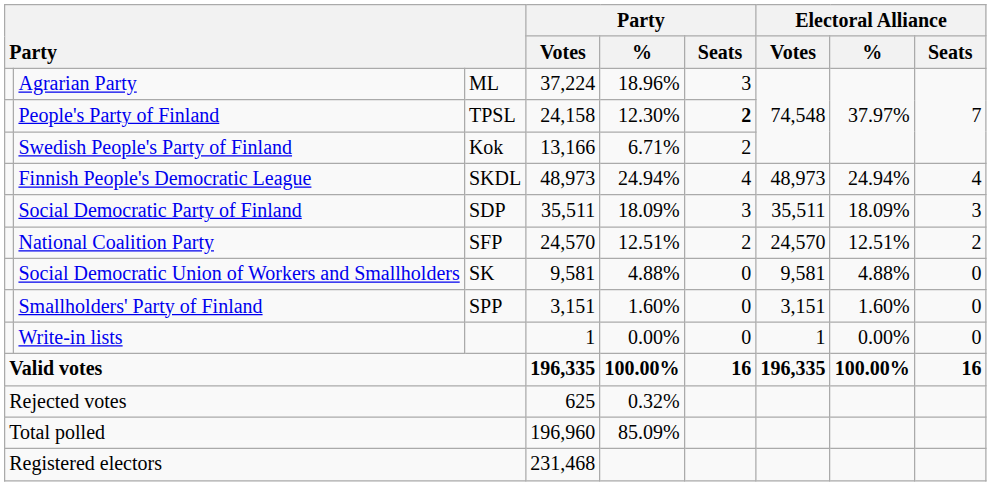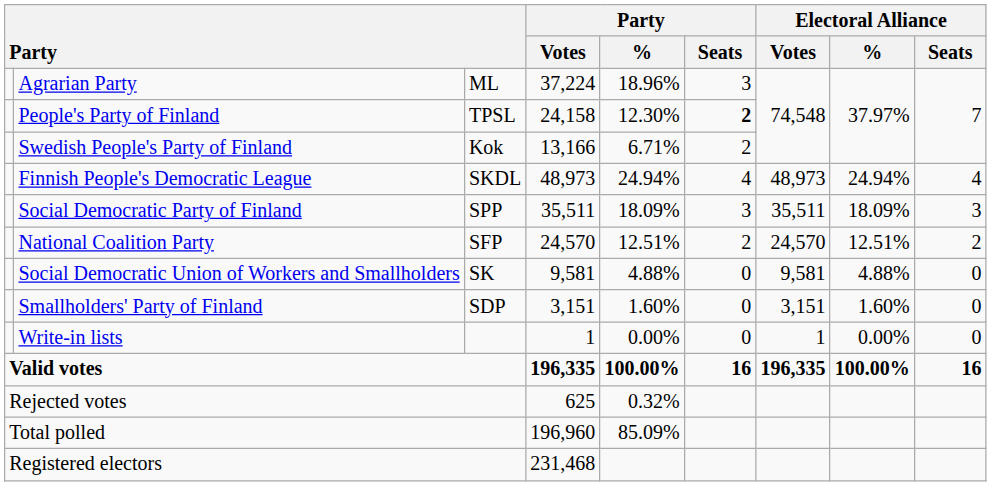 <table class="wikitable" border="1" style="text-align:right;">
 <tr>
 <th style="text-align:left;" valign=bottom rowspan=2 colspan=3>Party</th>
 <th colspan=3>Party</th>
 <th colspan=3>Electoral Alliance</th>
 </tr>
 <tr>
 <th align=center valign=bottom width="50">Votes</th>
 <th align=center valign=bottom width="50">%</th>
 <th align=center valign=bottom width="50">Seats</th>
 <th align=center valign=bottom width="50">Votes</th>
 <th align=center valign=bottom width="50">%</th>
 <th align=center valign=bottom width="50">Seats</th>
 </tr>
 <tr>
 <td></td>
 <td align=left><a href='#'>Agrarian Party</a></td>
 <td align=left>ML</td>
 <td>37,224</td>
 <td>18.96%</td>
 <td>3</td>
 <td rowspan=3>74,548</td>
 <td rowspan=3>37.97%</td>
 <td rowspan=3>7</td>
 </tr>
 <tr>
 <td></td>
 <td align=left><a href='#'>People's Party of Finland</a></td>
 <td align=left>TPSL</td>
 <td>24,158</td>
 <td>12.30%</td>
 <td><strong>2</strong></td>
 </tr>
 <tr>
 <td></td>
 <td align=left><a href='#'>Swedish People's Party of Finland</a></td>
 <td align=left>Kok</td>
 <td>13,166</td>
 <td>6.71%</td>
 <td>2</td>
 </tr>
 <tr>
 <td></td>
 <td align=left><a href='#'>Finnish People's Democratic League</a></td>
 <td align=left>SKDL</td>
 <td>48,973</td>
 <td>24.94%</td>
 <td>4</td>
 <td>48,973</td>
 <td>24.94%</td>
 <td>4</td>
 </tr>
 <tr>
 <td></td>
 <td align=left style="white-space: nowrap;"><a href='#'>Social Democratic Party of Finland</a></td>
-<td align=left>SDP</td>
+<td align=left>SPP</td>
 <td>35,511</td>
 <td>18.09%</td>
 <td>3</td>
 <td>35,511</td>
 <td>18.09%</td>
 <td>3</td>
 </tr>
 <tr>
 <td></td>
 <td align=left><a href='#'>National Coalition Party</a></td>
 <td align=left>SFP</td>
 <td>24,570</td>
 <td>12.51%</td>
 <td>2</td>
 <td>24,570</td>
 <td>12.51%</td>
 <td>2</td>
 </tr>
 <tr>
 <td></td>
 <td align=left><a href='#'>Social Democratic Union of Workers and Smallholders</a></td>
 <td align=left>SK</td>
 <td>9,581</td>
 <td>4.88%</td>
 <td>0</td>
 <td>9,581</td>
 <td>4.88%</td>
 <td>0</td>
 </tr>
 <tr>
 <td></td>
 <td align=left><a href='#'>Smallholders' Party of Finland</a></td>
-<td align=left>SPP</td>
+<td align=left>SDP</td>
 <td>3,151</td>
 <td>1.60%</td>
 <td>0</td>
 <td>3,151</td>
 <td>1.60%</td>
 <td>0</td>
 </tr>
 <tr>
 <td></td>
 <td align=left><a href='#'>Write-in lists</a></td>
 <td align=left></td>
 <td>1</td>
 <td>0.00%</td>
 <td>0</td>
 <td>1</td>
 <td>0.00%</td>
 <td>0</td>
 </tr>
 <tr style="font-weight:bold">
 <td align=left colspan=3>Valid votes</td>
 <td>196,335</td>
 <td>100.00%</td>
 <td>16</td>
 <td>196,335</td>
 <td>100.00%</td>
 <td>16</td>
 </tr>
 <tr>
 <td align=left colspan=3>Rejected votes</td>
 <td>625</td>
 <td>0.32%</td>
 <td></td>
 <td></td>
 <td></td>
 <td></td>
 </tr>
 <tr>
 <td align=left colspan=3>Total polled</td>
 <td>196,960</td>
 <td>85.09%</td>
 <td></td>
 <td></td>
 <td></td>
 <td></td>
 </tr>
 <tr>
 <td align=left colspan=3>Registered electors</td>
 <td>231,468</td>
 <td></td>
 <td></td>
 <td></td>
 <td></td>
 <td></td>
 </tr>
 </table>
